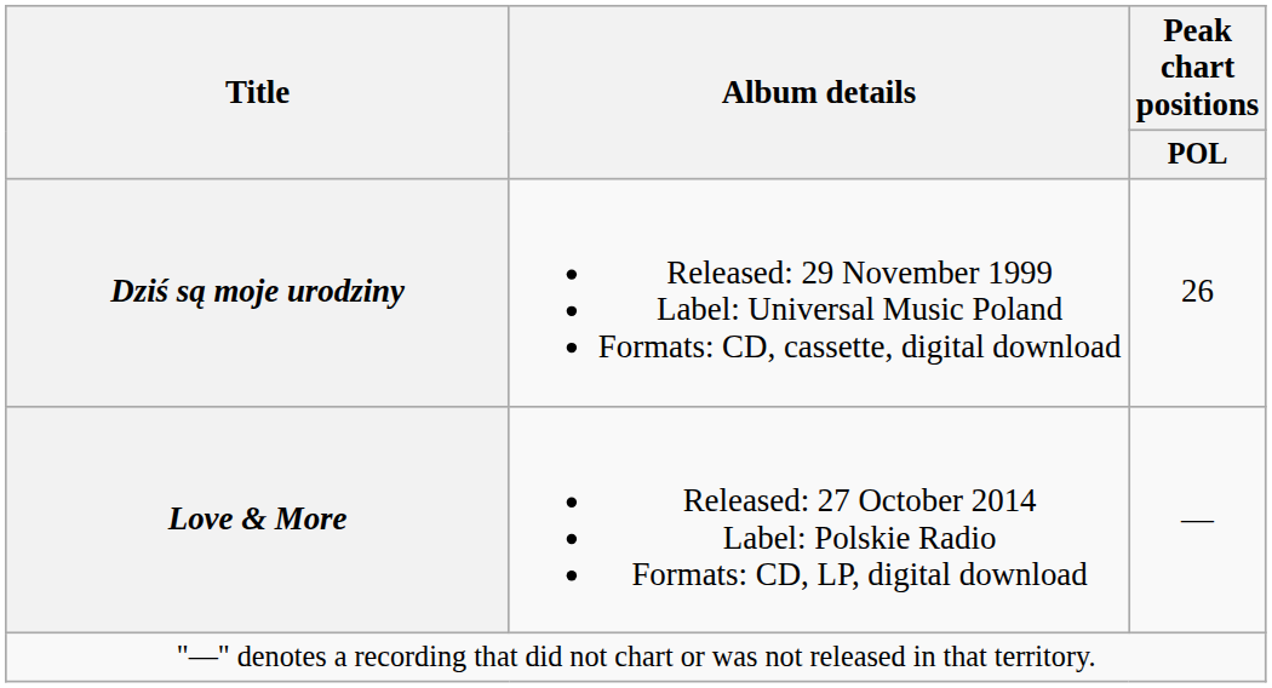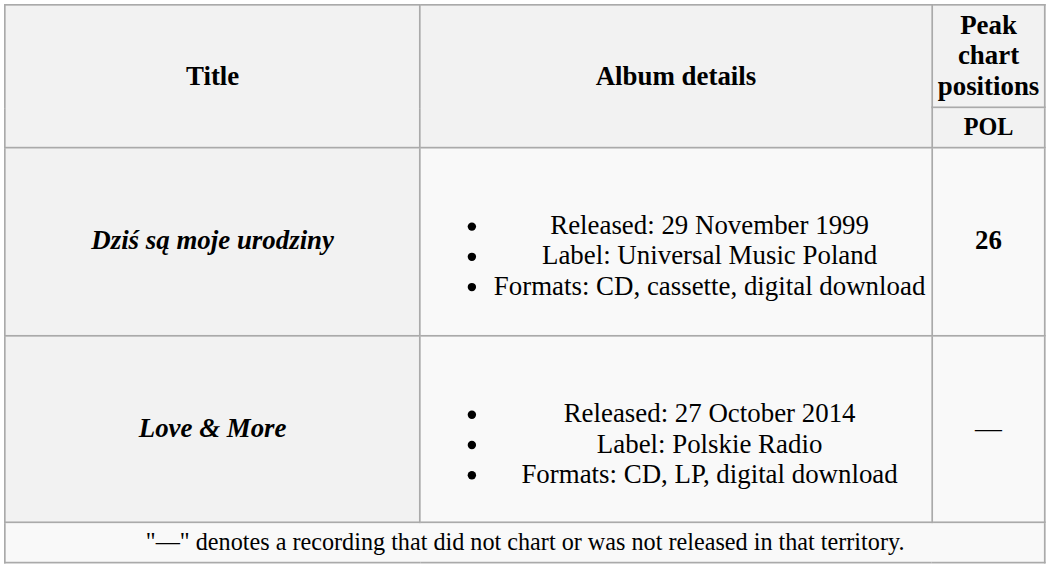 <table class="wikitable plainrowheaders" style="text-align:center;">
 <tr>
 <th scope="col" rowspan="2" style="width:15em;">Title</th>
 <th scope="col" rowspan="2">Album details</th>
 <th scope="col">Peak chart positions</th>
 </tr>
 <tr>
 <th scope="col" style="width:3em;font-size:90%;">POL<br></th>
 </tr>
 <tr>
 <th scope="row"><em>Dziś są moje urodziny</em></th>
 <td><br><ul><li>Released: 29 November 1999</li><li>Label: Universal Music Poland</li><li>Formats: CD, cassette, digital download</li></ul></td>
-<td>26</td>
+<td><strong>26</strong></td>
 </tr>
 <tr>
 <th scope="row"><em>Love & More</em></th>
 <td><br><ul><li>Released: 27 October 2014</li><li>Label: Polskie Radio</li><li>Formats: CD, LP, digital download</li></ul></td>
 <td>—</td>
 </tr>
 <tr>
 <td colspan="20" style="font-size:90%">"—" denotes a recording that did not chart or was not released in that territory.</td>
 </tr>
 </table>
